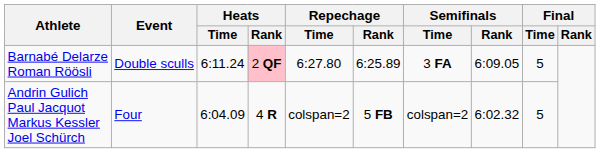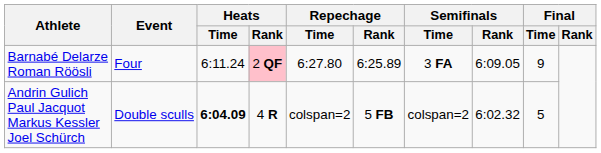 <table class="wikitable" style="font-size:90%">
 <tr>
 <th rowspan="2">Athlete</th>
 <th rowspan="2">Event</th>
 <th colspan="2">Heats</th>
 <th colspan="2">Repechage</th>
 <th colspan="2">Semifinals</th>
 <th colspan="2">Final</th>
 </tr>
 <tr style="font-size:95%">
 <th>Time</th>
 <th>Rank</th>
 <th>Time</th>
 <th>Rank</th>
 <th>Time</th>
 <th>Rank</th>
 <th>Time</th>
 <th>Rank</th>
 </tr>
 <tr align=center>
 <td align=left><a href='#'>Barnabé Delarze</a><br><a href='#'>Roman Röösli</a></td>
-<td align=left><a href='#'>Double sculls</a></td>
+<td align=left><a href='#'>Four</a></td>
 <td>6:11.24</td>
 <td style="background: pink;">2 <strong>QF</strong></td>
 <td>6:27.80</td>
 <td>6:25.89</td>
 <td>3 <strong>FA</strong></td>
 <td>6:09.05</td>
-<td>5</td>
+<td>9</td>
 </tr>
 <tr align=center>
 <td align=left><a href='#'>Andrin Gulich</a><br><a href='#'>Paul Jacquot</a><br><a href='#'>Markus Kessler</a><br><a href='#'>Joel Schürch</a></td>
-<td align=left><a href='#'>Four</a></td>
-<td>6:04.09</td>
+<td align=left><a href='#'>Double sculls</a></td>
+<td><strong>6:04.09</strong></td>
 <td>4 <strong>R</strong></td>
 <td>colspan=2 </td>
 <td>5 <strong>FB</strong></td>
 <td>colspan=2 </td>
 <td>6:02.32</td>
 <td>5</td>
 </tr>
 </table>
